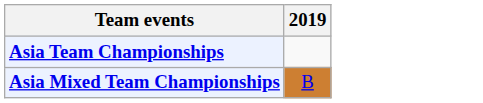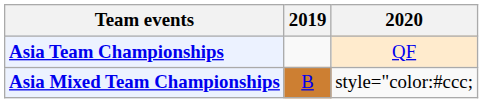 <table style='font-size: 90%; text-align:center;' class='wikitable'>
 <tr>
 <th>Team events</th>
 <th>2019</th>
+<th>2020</th>
 </tr>
 <tr>
 <td bgcolor="#ECF2FF"; align="left"><strong><a href='#'>Asia Team Championships</a></strong></td>
 <td></td>
+<td bgcolor=FFEBCD><a href='#'>QF</a></td>
 </tr>
 <tr>
 <td bgcolor="#ECF2FF"; align="left"><strong><a href='#'>Asia Mixed Team Championships</a></strong></td>
 <td bgcolor=CD7F32><a href='#'>B</a></td>
+<td>style="color:#ccc; </td>
 </tr>
 </table>
